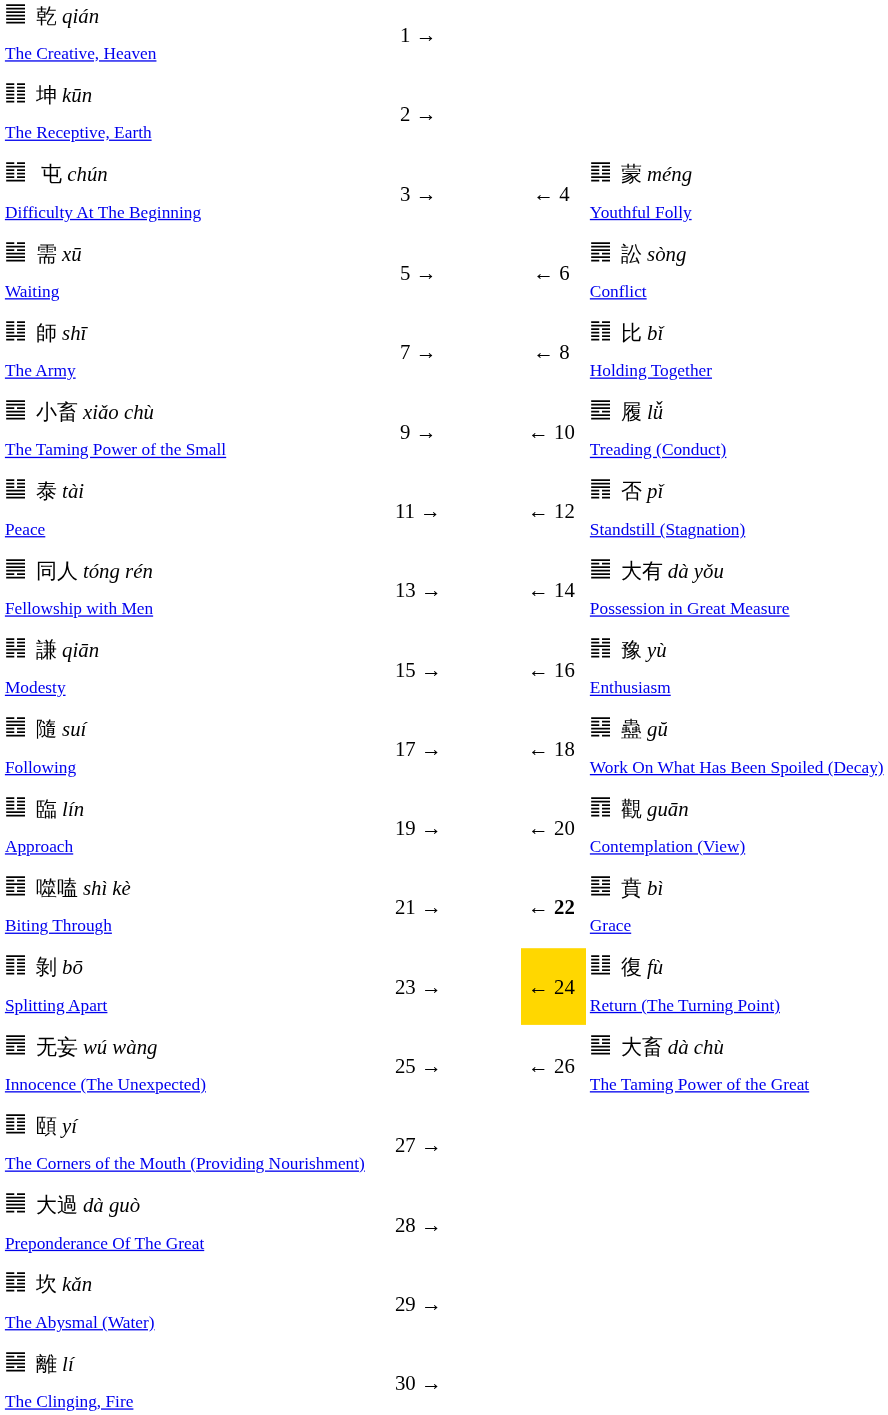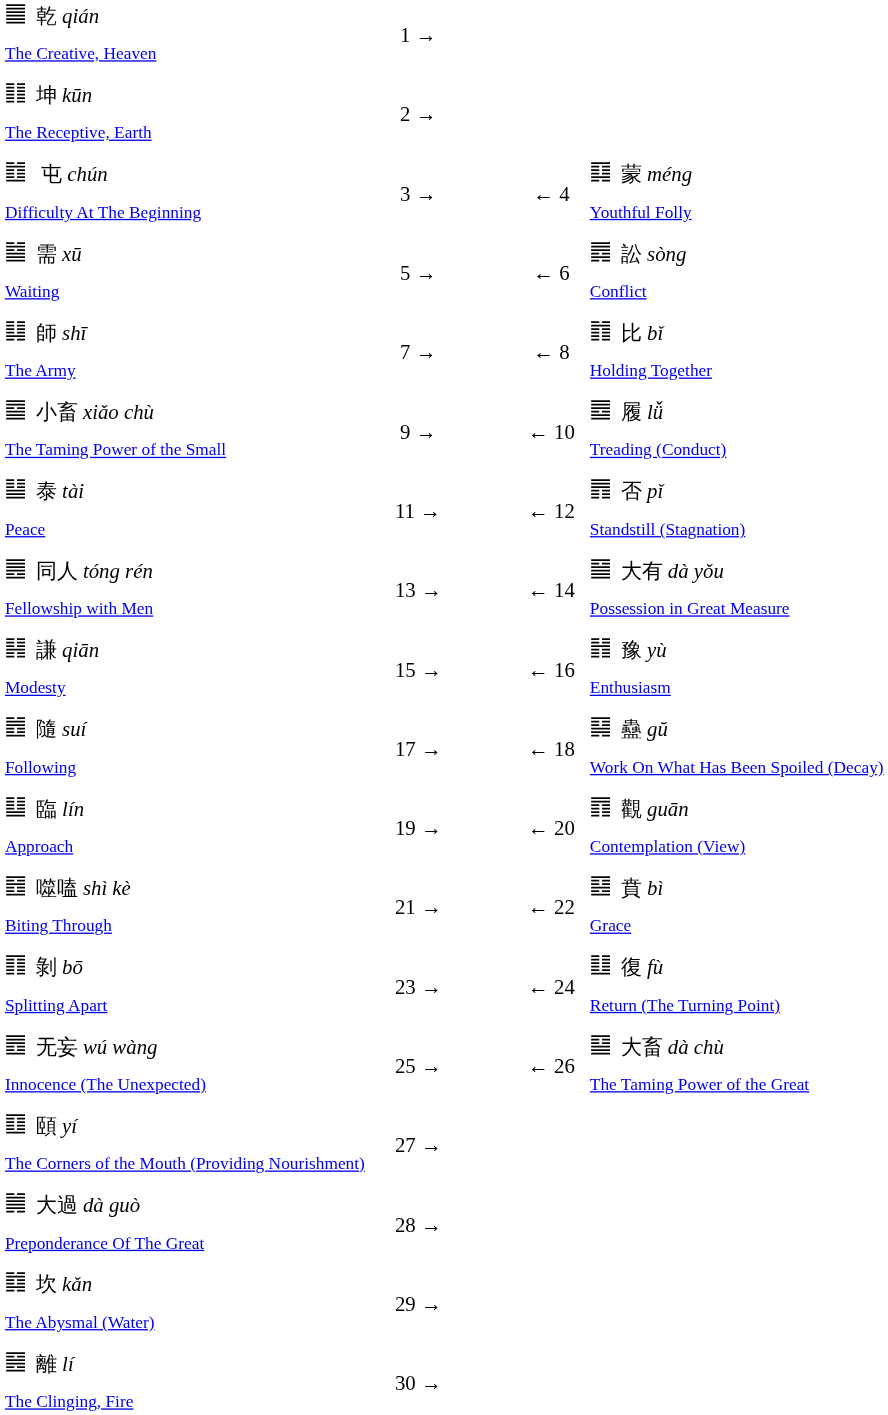 <table style="width:47em; float:left;line-height:1.75em;">
 <tr>
 <td style="width:20em;">䷀  乾 <em>qián</em><br><small><a href='#'>The Creative, Heaven</a></small></td>
 <td style="width:3em;"> 1 → </td>
 <td style="width:1em;font-size:300%;"></td>
 <td style="width:3em;"></td>
 <td style="width:20em;"></td>
 </tr>
 <tr>
 <td>䷁  坤 <em>kūn</em><br><small><a href='#'>The Receptive, Earth</a></small></td>
 <td> 2 → </td>
 <td style="font-size:300%;"></td>
 </tr>
 <tr>
 <td>䷂   屯 <em>chún</em><br><small><a href='#'>Difficulty At The Beginning</a></small></td>
 <td> 3 → </td>
 <td style="font-size:300%;"></td>
 <td>  ← 4 </td>
 <td>䷃  蒙 <em>méng</em><br><small><a href='#'>Youthful Folly</a></small></td>
 </tr>
 <tr>
 <td>䷄  需 <em>xū</em><br><small><a href='#'>Waiting</a></small></td>
 <td> 5 → </td>
 <td style="font-size:300%;"></td>
 <td>  ← 6 </td>
 <td>䷅  訟 <em>sòng</em><br><small><a href='#'>Conflict</a></small></td>
 </tr>
 <tr>
 <td>䷆  師 <em>shī</em><br><small><a href='#'>The Army</a></small></td>
 <td> 7 → </td>
 <td style="font-size:300%;"></td>
 <td>  ← 8 </td>
 <td>䷇  比 <em>bǐ</em><br><small><a href='#'>Holding Together</a></small></td>
 </tr>
 <tr>
 <td>䷈  小畜 <em>xiǎo chù</em><br><small><a href='#'>The Taming Power of the Small</a></small></td>
 <td> 9 → </td>
 <td style="font-size:300%;"></td>
 <td> ← 10 </td>
 <td>䷉  履 <em>lǚ</em><br><small><a href='#'>Treading (Conduct)</a></small></td>
 </tr>
 <tr>
 <td>䷊  泰 <em>tài</em><br><small><a href='#'>Peace</a></small></td>
 <td>11 → </td>
 <td style="font-size:300%;"></td>
 <td> ← 12 </td>
 <td>䷋  否 <em>pǐ</em><br><small><a href='#'>Standstill (Stagnation)</a></small></td>
 </tr>
 <tr>
 <td>䷌  同人 <em>tóng rén</em><br><small><a href='#'>Fellowship with Men</a></small></td>
 <td>13 → </td>
 <td style="font-size:300%;"></td>
 <td> ← 14 </td>
 <td>䷍  大有 <em>dà yǒu</em><br><small><a href='#'>Possession in Great Measure</a></small></td>
 </tr>
 <tr>
 <td>䷎  謙 <em>qiān</em><br><small><a href='#'>Modesty</a></small></td>
 <td>15 → </td>
 <td style="font-size:300%;"></td>
 <td> ← 16 </td>
 <td>䷏  豫 <em>yù</em><br><small><a href='#'>Enthusiasm</a></small></td>
 </tr>
 <tr>
 <td>䷐  隨 <em>suí</em><br><small><a href='#'>Following</a></small></td>
 <td>17 → </td>
 <td style="font-size:300%;"></td>
 <td> ← 18 </td>
 <td>䷑  蠱 <em>gŭ</em><br><small><a href='#'>Work On What Has Been Spoiled (Decay)</a></small></td>
 </tr>
 <tr>
 <td>䷒  臨 <em>lín</em><br><small><a href='#'>Approach</a></small></td>
 <td>19 → </td>
 <td style="font-size:300%;"></td>
 <td> ← 20 </td>
 <td>䷓  觀 <em>guān</em><br><small><a href='#'>Contemplation (View)</a></small></td>
 </tr>
 <tr>
 <td>䷔  噬嗑 <em>shì kè</em><br><small><a href='#'>Biting Through</a></small></td>
 <td>21 → </td>
 <td style="font-size:300%;"></td>
-<td><strong> ← 22 </strong></td>
+<td> ← 22 </td>
 <td>䷕  賁 <em>bì</em><br><small><a href='#'>Grace</a></small></td>
 </tr>
 <tr>
 <td>䷖  剝 <em>bō</em><br><small><a href='#'>Splitting Apart</a></small></td>
 <td>23 → </td>
 <td style="font-size:300%;"></td>
-<td style="background: gold;"> ← 24 </td>
+<td> ← 24 </td>
 <td>䷗  復 <em>fù</em><br><small><a href='#'>Return (The Turning Point)</a></small></td>
 </tr>
 <tr>
 <td>䷘  无妄 <em>wú wàng</em><br><small><a href='#'>Innocence (The Unexpected)</a></small></td>
 <td>25 → </td>
 <td style="font-size:300%;"></td>
 <td> ← 26 </td>
 <td>䷙  大畜 <em>dà chù</em><br><small><a href='#'>The Taming Power of the Great</a></small></td>
 </tr>
 <tr>
 <td>䷚  頤 <em>yí</em><br><small><a href='#'>The Corners of the Mouth (Providing Nourishment)</a></small></td>
 <td>27 → </td>
 <td style="font-size:300%;"></td>
 <td></td>
 <td></td>
 </tr>
 <tr>
 <td>䷛  大過 <em>dà guò</em><br><small><a href='#'>Preponderance Of The Great</a></small></td>
 <td>28 → </td>
 <td style="font-size:300%;"></td>
 </tr>
 <tr>
 <td>䷜  坎 <em>kǎn</em><br><small><a href='#'>The Abysmal (Water)</a></small></td>
 <td>29 → </td>
 <td style="font-size:300%;"></td>
 <td></td>
 <td></td>
 </tr>
 <tr>
 <td>䷝  離 <em>lí</em><br><small><a href='#'>The Clinging, Fire</a></small></td>
 <td>30 → </td>
 <td style="font-size:300%;"></td>
 </tr>
 </table>
